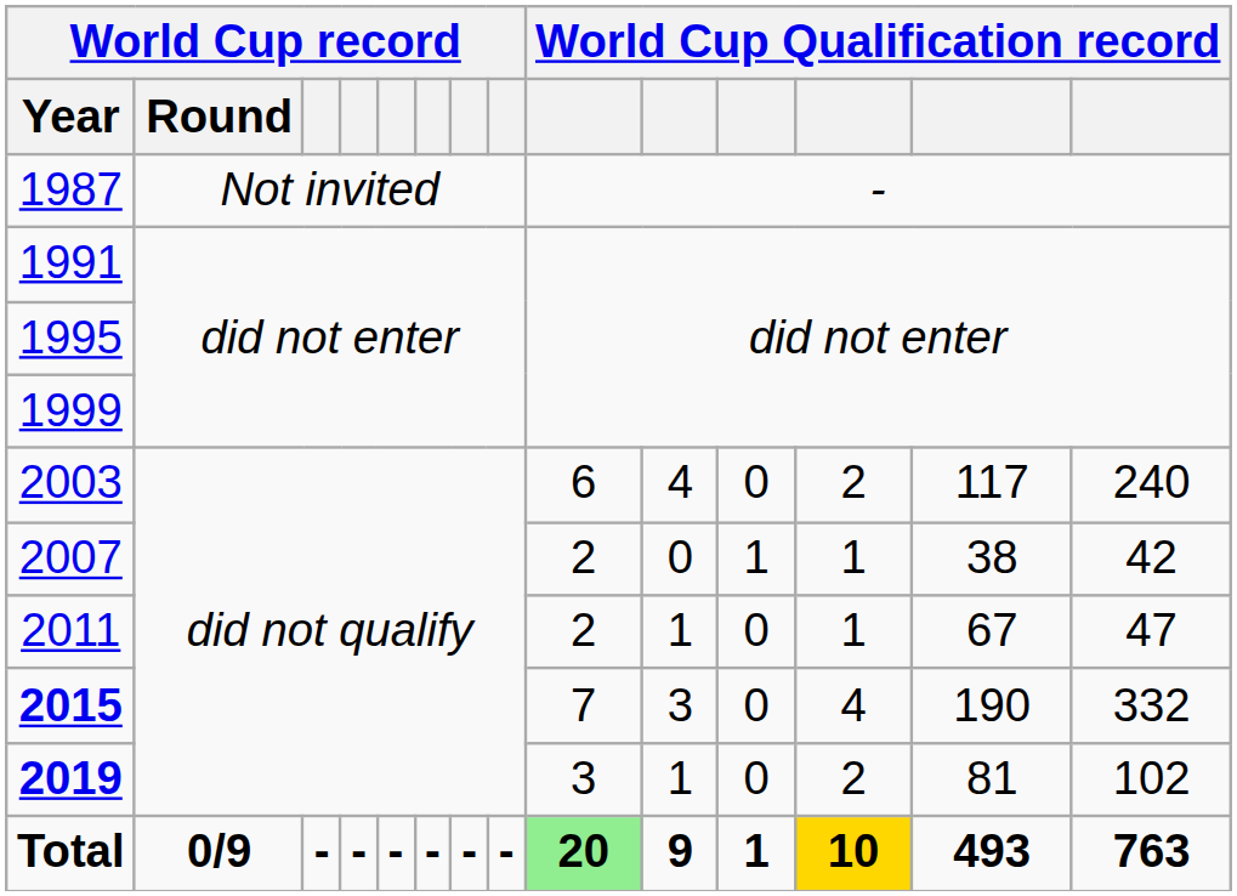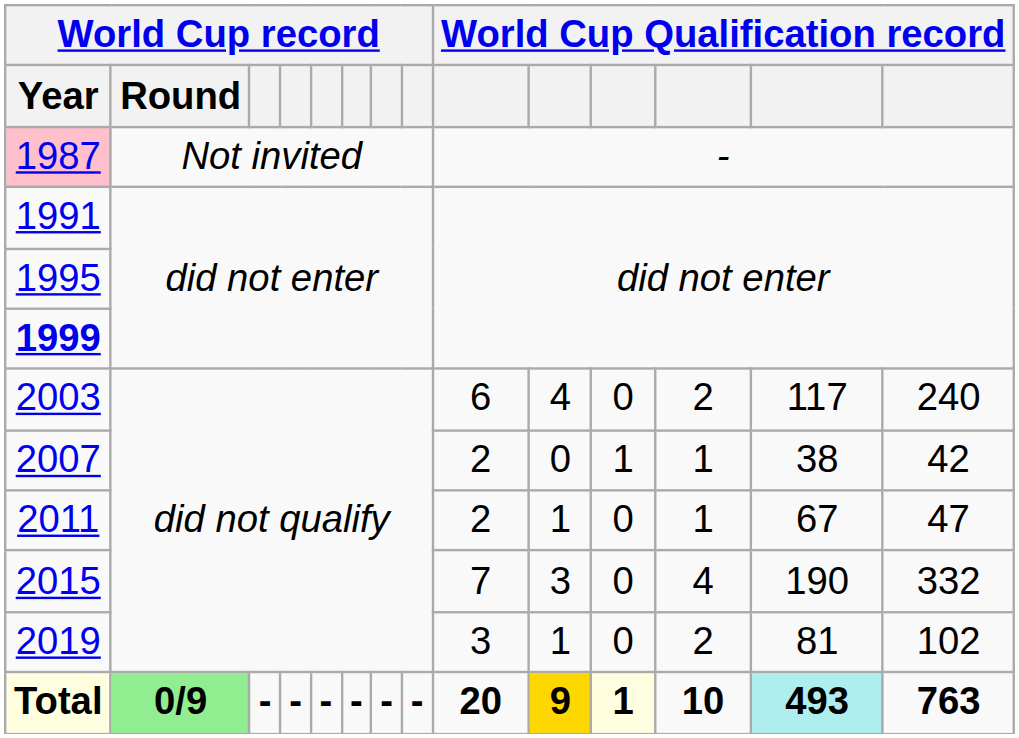 <table class="wikitable" style="text-align: center;">
 <tr>
 <th colspan=8><a href='#'>World Cup record</a></th>
 <th colspan=6><a href='#'>World Cup Qualification record</a></th>
 </tr>
 <tr>
 <th>Year</th>
 <th>Round</th>
 <th></th>
 <th></th>
 <th></th>
 <th></th>
 <th></th>
 <th></th>
 <th></th>
 <th></th>
 <th></th>
 <th></th>
 <th></th>
 <th></th>
 </tr>
 <tr>
-<td> <a href='#'>1987</a></td>
+<td style="background: pink;"> <a href='#'>1987</a></td>
 <td colspan=7><em>Not invited</em></td>
 <td colspan=6><em>-</em></td>
 </tr>
 <tr>
 <td> <a href='#'>1991</a></td>
 <td rowspan=3 colspan=7><em>did not enter</em></td>
 <td rowspan=3 colspan=6><em>did not enter</em></td>
 </tr>
 <tr>
 <td> <a href='#'>1995</a></td>
 </tr>
 <tr>
-<td> <a href='#'>1999</a></td>
+<td><strong> <a href='#'>1999</a></strong></td>
 </tr>
 <tr>
 <td> <a href='#'>2003</a></td>
 <td rowspan=5 colspan=7><em>did not qualify</em></td>
 <td>6</td>
 <td>4</td>
 <td>0</td>
 <td>2</td>
 <td>117</td>
 <td>240</td>
 </tr>
 <tr>
 <td> <a href='#'>2007</a></td>
 <td>2</td>
 <td>0</td>
 <td>1</td>
 <td>1</td>
 <td>38</td>
 <td>42</td>
 </tr>
 <tr>
 <td> <a href='#'>2011</a></td>
 <td>2</td>
 <td>1</td>
 <td>0</td>
 <td>1</td>
 <td>67</td>
 <td>47</td>
 </tr>
 <tr>
-<td><strong> <a href='#'>2015</a></strong></td>
+<td> <a href='#'>2015</a></td>
 <td>7</td>
 <td>3</td>
 <td>0</td>
 <td>4</td>
 <td>190</td>
 <td>332</td>
 </tr>
 <tr>
-<td><strong> <a href='#'>2019</a></strong></td>
+<td> <a href='#'>2019</a></td>
 <td>3</td>
 <td>1</td>
 <td>0</td>
 <td>2</td>
 <td>81</td>
 <td>102</td>
 </tr>
 <tr>
-<td><strong>Total</strong></td>
-<td><strong>0/9</strong></td>
+<td style="background: lightyellow;"><strong>Total</strong></td>
+<td style="background: lightgreen;"><strong>0/9</strong></td>
 <td><strong>-</strong></td>
 <td><strong>-</strong></td>
 <td><strong>-</strong></td>
 <td><strong>-</strong></td>
 <td><strong>-</strong></td>
 <td><strong>-</strong></td>
-<td style="background: lightgreen;"><strong>20</strong></td>
-<td><strong>9</strong></td>
-<td><strong>1</strong></td>
-<td style="background: gold;"><strong>10</strong></td>
-<td><strong>493</strong></td>
+<td><strong>20</strong></td>
+<td style="background: gold;"><strong>9</strong></td>
+<td style="background: lightyellow;"><strong>1</strong></td>
+<td><strong>10</strong></td>
+<td style="background: paleturquoise;"><strong>493</strong></td>
 <td><strong>763</strong></td>
 </tr>
 <tr>
 </tr>
 </table>
